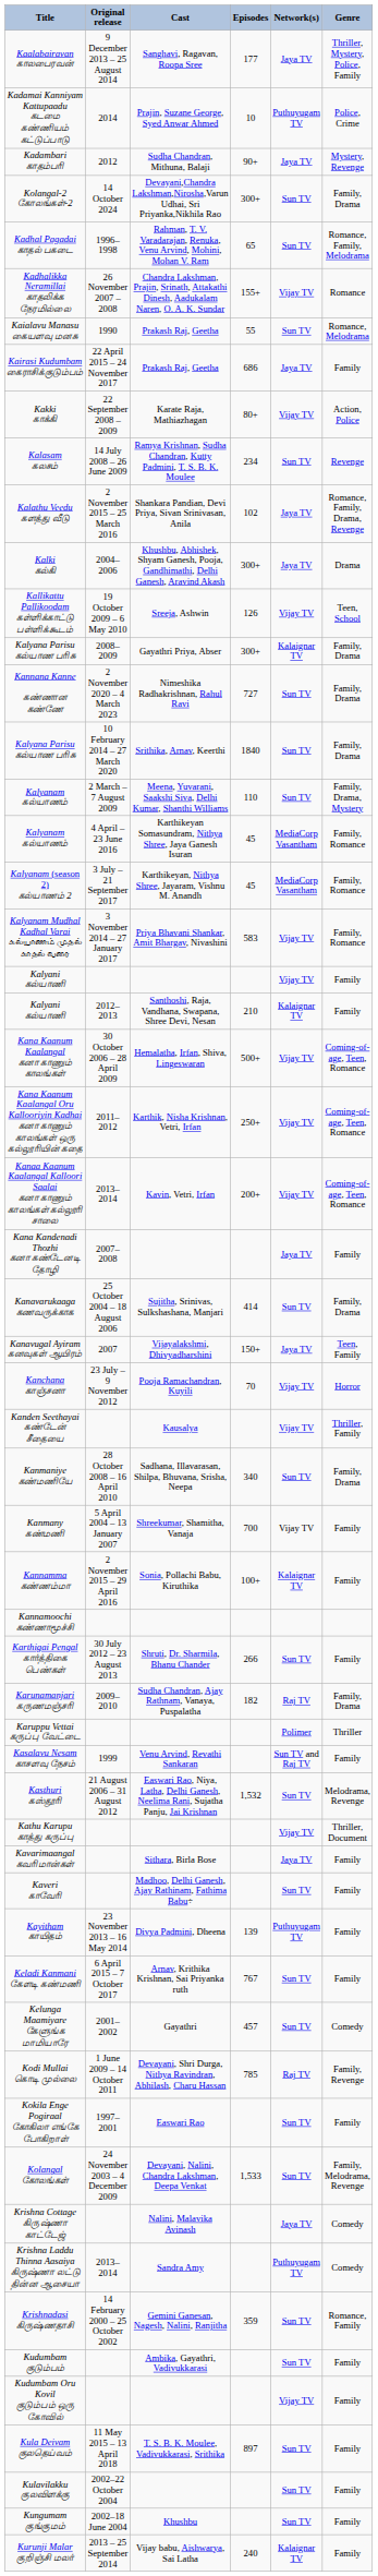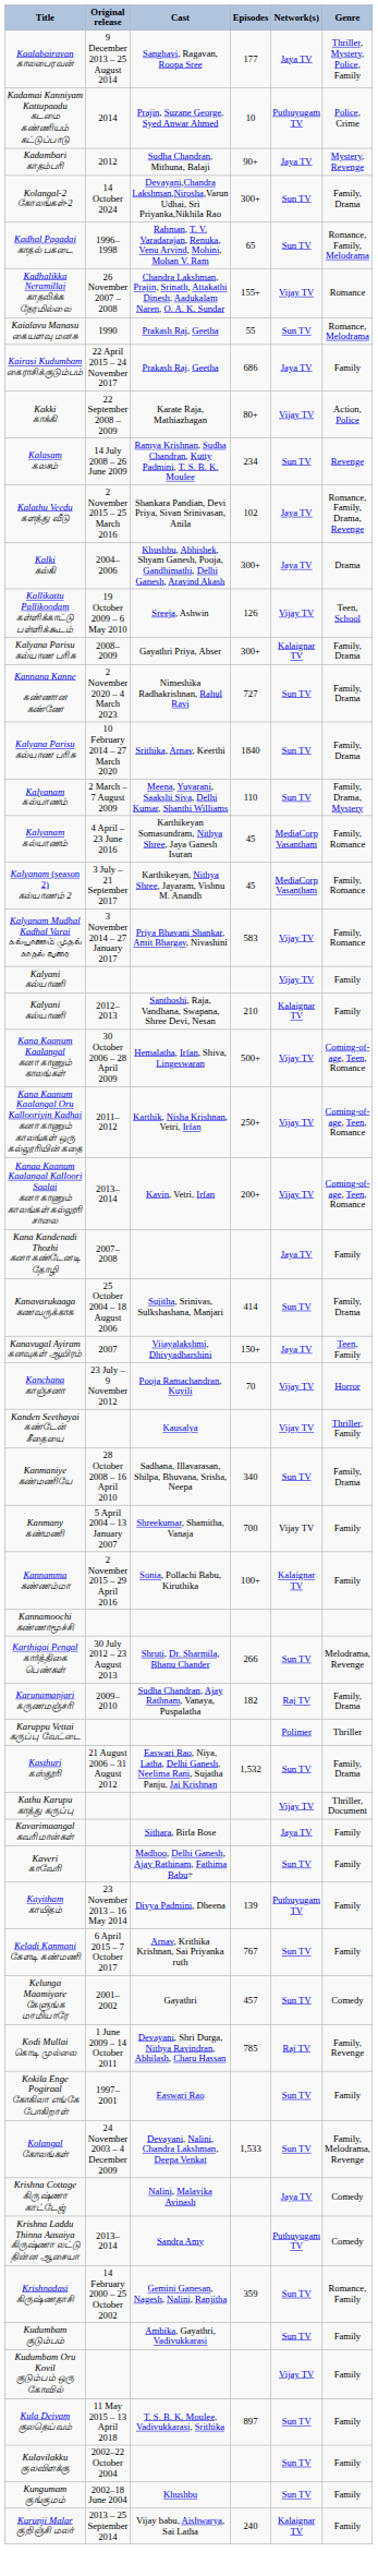 <table class="wikitable" style="text-align:center;">
 <tr>
 <th style="width:220pt; background:LightSteelBlue;">Title</th>
 <th style="width:150pt; background:LightSteelBlue;">Original release</th>
 <th style="width:160pt; background:LightSteelBlue;">Cast</th>
 <th style="width:60pt; background:LightSteelBlue;">Episodes</th>
 <th style="width:90pt; background:LightSteelBlue;">Network(s)</th>
 <th style="width:90pt; background:LightSteelBlue;">Genre</th>
 </tr>
 <tr>
 <td><em><a href='#'>Kaalabairavan</a></em> <br> <em>காலபைரவன்</em></td>
 <td>9 December 2013 – 25 August 2014</td>
 <td><a href='#'>Sanghavi</a>, Ragavan, <a href='#'>Roopa Sree</a></td>
 <td>177</td>
 <td><a href='#'>Jaya TV</a></td>
 <td><a href='#'>Thriller</a>, <a href='#'>Mystery</a>, <a href='#'>Police</a>, Family</td>
 </tr>
 <tr>
 <td><em>Kadamai Kanniyam Kattupaadu</em> <br> <em>கடமை கண்ணியம் கட்டுப்பாடு</em></td>
 <td>2014</td>
 <td><a href='#'>Prajin</a>, <a href='#'>Suzane George</a>, <a href='#'>Syed Anwar Ahmed</a></td>
 <td>10</td>
 <td><a href='#'>Puthuyugam TV</a></td>
 <td><a href='#'>Police</a>, Crime</td>
 </tr>
 <tr>
 <td><em>Kadambari</em> <br> <em>காதம்பரி</em></td>
 <td>2012</td>
 <td><a href='#'>Sudha Chandran</a>, Mithuna, Balaji</td>
 <td>90+</td>
 <td><a href='#'>Jaya TV</a></td>
 <td><a href='#'>Mystery</a>, <a href='#'>Revenge</a></td>
 </tr>
 <tr>
 <td><em>Kolangal-2</em> <br> <em>கோலங்கள்-2</em></td>
 <td>14 October 2024</td>
 <td><a href='#'>Devayani</a>,<a href='#'>Chandra Lakshman</a>,<a href='#'>Nirosha</a>,Varun Udhai, Sri Priyanka,Nikhila Rao</td>
 <td>300+</td>
 <td><a href='#'>Sun TV</a></td>
 <td>Family, Drama</td>
 </tr>
 <tr>
 <td><em><a href='#'>Kadhal Pagadai</a></em> <br> <em>காதல் பகடை</em></td>
 <td>1996–1998</td>
 <td><a href='#'>Rahman</a>, <a href='#'>T. V. Varadarajan</a>, <a href='#'>Renuka</a>, <a href='#'>Venu Arvind</a>, <a href='#'>Mohini</a>, <a href='#'>Mohan V. Ram</a></td>
 <td>65</td>
 <td><a href='#'>Sun TV</a></td>
 <td>Romance, Family, <a href='#'>Melodrama</a></td>
 </tr>
 <tr>
 <td><em><a href='#'>Kadhalikka Neramillai</a></em> <br> <em>காதலிக்க நேரமில்லை</em></td>
 <td>26 November 2007 – 2008</td>
 <td><a href='#'>Chandra Lakshman</a>, <a href='#'>Prajin</a>, <a href='#'>Srinath</a>, <a href='#'>Attakathi Dinesh</a>, <a href='#'>Aadukalam Naren</a>, <a href='#'>O. A. K. Sundar</a></td>
 <td>155+</td>
 <td><a href='#'>Vijay TV</a></td>
 <td>Romance</td>
 </tr>
 <tr>
 <td><em>Kaialavu Manasu</em> <br> <em>கையளவு மனசு</em></td>
 <td>1990</td>
 <td><a href='#'>Prakash Raj</a>, <a href='#'>Geetha</a></td>
 <td>55</td>
 <td><a href='#'>Sun TV</a></td>
 <td>Romance, <a href='#'>Melodrama</a></td>
 </tr>
 <tr>
 <td><em><a href='#'>Kairasi Kudumbam</a></em> <br> <em>கைராசிக்குடும்பம்</em></td>
 <td>22 April 2015 – 24 November 2017</td>
 <td><a href='#'>Prakash Raj</a>, <a href='#'>Geetha</a></td>
 <td>686</td>
 <td><a href='#'>Jaya TV</a></td>
 <td>Family</td>
 </tr>
 <tr>
 <td><em>Kakki</em> <br> <em>காக்கி</em></td>
 <td>22 September 2008 – 2009</td>
 <td>Karate Raja, Mathiazhagan</td>
 <td>80+</td>
 <td><a href='#'>Vijay TV</a></td>
 <td>Action, <a href='#'>Police</a></td>
 </tr>
 <tr>
 <td><em><a href='#'>Kalasam</a></em> <br> <em>கலசம்</em></td>
 <td>14 July 2008 – 26 June 2009</td>
 <td><a href='#'>Ramya Krishnan</a>, <a href='#'>Sudha Chandran</a>, <a href='#'>Kutty Padmini</a>, <a href='#'>T. S. B. K. Moulee</a></td>
 <td>234</td>
 <td><a href='#'>Sun TV</a></td>
 <td><a href='#'>Revenge</a></td>
 </tr>
 <tr>
 <td><em><a href='#'>Kalathu Veedu</a></em> <br> <em>களத்து வீடு</em></td>
 <td>2 November 2015 – 25 March 2016</td>
 <td>Shankara Pandian, Devi Priya, Sivan Srinivasan, Anila</td>
 <td>102</td>
 <td><a href='#'>Jaya TV</a></td>
 <td>Romance, Family, Drama, <a href='#'>Revenge</a></td>
 </tr>
 <tr>
 <td><em><a href='#'>Kalki</a></em> <br> <em>கல்கி</em></td>
 <td>2004–2006</td>
 <td><a href='#'>Khushbu</a>, <a href='#'>Abhishek</a>, Shyam Ganesh, Pooja, <a href='#'>Gandhimathi</a>, <a href='#'>Delhi Ganesh</a>, <a href='#'>Aravind Akash</a></td>
 <td>300+</td>
 <td><a href='#'>Jaya TV</a></td>
 <td>Drama</td>
 </tr>
 <tr>
 <td><em><a href='#'>Kallikattu Pallikoodam</a></em> <br> <em>கள்ளிக்காட்டு பள்ளிக்கூடம்</em></td>
 <td>19 October 2009 – 6 May 2010</td>
 <td><a href='#'>Sreeja</a>, Ashwin</td>
 <td>126</td>
 <td><a href='#'>Vijay TV</a></td>
 <td>Teen, <a href='#'>School</a></td>
 </tr>
 <tr>
 <td><em>Kalyana Parisu</em> <br> <em>கல்யாண பரிசு</em></td>
 <td>2008–2009</td>
 <td>Gayathri Priya, Abser</td>
 <td>300+</td>
 <td><a href='#'>Kalaignar TV</a></td>
 <td>Family, Drama</td>
 </tr>
 <tr>
 <td><em><a href='#'>Kannana Kanne</a></em> <br><br><em>கண்ணான கண்ணே</em></td>
 <td>2 November 2020 – 4 March 2023</td>
 <td>Nimeshika Radhakrishnan, <a href='#'>Rahul Ravi</a></td>
 <td>727</td>
 <td><a href='#'>Sun TV</a></td>
 <td>Family, Drama</td>
 </tr>
 <tr>
 <td><em><a href='#'>Kalyana Parisu</a></em> <br> <em>கல்யாண பரிசு</em></td>
 <td>10 February 2014 – 27 March 2020</td>
 <td><a href='#'>Srithika</a>, <a href='#'>Arnav</a>, Keerthi</td>
 <td>1840</td>
 <td><a href='#'>Sun TV</a></td>
 <td>Family, Drama</td>
 </tr>
 <tr>
 <td><em><a href='#'>Kalyanam</a></em> <br> <em>கல்யாணம்</em></td>
 <td>2 March – 7 August 2009</td>
 <td><a href='#'>Meena</a>, <a href='#'>Yuvarani</a>, <a href='#'>Saakshi Siva</a>, <a href='#'>Delhi Kumar</a>, <a href='#'>Shanthi Williams</a></td>
 <td>110</td>
 <td><a href='#'>Sun TV</a></td>
 <td>Family, Drama, <a href='#'>Mystery</a></td>
 </tr>
 <tr>
 <td><em><a href='#'>Kalyanam</a></em> <br> <em>கல்யாணம்</em></td>
 <td>4 April – 23 June 2016</td>
 <td>Karthikeyan Somasundram, <a href='#'>Nithya Shree</a>, Jaya Ganesh Isuran</td>
 <td>45</td>
 <td><a href='#'>MediaCorp Vasantham</a></td>
 <td>Family, Romance</td>
 </tr>
 <tr>
 <td><a href='#'><em>Kalyanam</em> (season 2)</a> <br> <em>கல்யாணம் 2</em></td>
 <td>3 July – 21 September 2017</td>
 <td>Karthikeyan, <a href='#'>Nithya Shree</a>, Jayaram, Vishnu M. Anandh</td>
 <td>45</td>
 <td><a href='#'>MediaCorp Vasantham</a></td>
 <td>Family, Romance</td>
 </tr>
 <tr>
 <td><em><a href='#'>Kalyanam Mudhal Kadhal Varai</a></em> <br> கல்யாணம் முதல் காதல் வரை</td>
 <td>3 November 2014 – 27 January 2017</td>
 <td><a href='#'>Priya Bhavani Shankar</a>, <a href='#'>Amit Bhargav</a>, Nivashini</td>
 <td>583</td>
 <td><a href='#'>Vijay TV</a></td>
 <td>Family, Romance</td>
 </tr>
 <tr>
 <td><em>Kalyani</em> <br> <em>கல்யாணி</em></td>
 <td></td>
 <td></td>
 <td></td>
 <td><a href='#'>Vijay TV</a></td>
 <td>Family</td>
 </tr>
 <tr>
 <td><em>Kalyani</em> <br> <em>கல்யாணி</em></td>
 <td>2012–2013</td>
 <td><a href='#'>Santhoshi</a>, Raja, Vandhana, Swapana, Shree Devi, Nesan</td>
 <td>210</td>
 <td><a href='#'>Kalaignar TV</a></td>
 <td>Family</td>
 </tr>
 <tr>
 <td><em><a href='#'>Kana Kaanum Kaalangal</a></em> <br> <em>கனா காணும் காலங்கள்</em></td>
 <td>30 October 2006 – 28 April 2009</td>
 <td><a href='#'>Hemalatha</a>, <a href='#'>Irfan</a>, Shiva, <a href='#'>Lingeswaran</a></td>
 <td>500+</td>
 <td><a href='#'>Vijay TV</a></td>
 <td><a href='#'>Coming-of-age</a>, <a href='#'>Teen</a>, Romance</td>
 </tr>
 <tr>
 <td><em><a href='#'>Kana Kaanum Kaalangal Oru Kallooriyin Kadhai</a></em> <br> <em>கனா காணும் காலங்கள் ஒரு கல்லூரியின் கதை</em></td>
 <td>2011–2012</td>
 <td><a href='#'>Karthik</a>, <a href='#'>Nisha Krishnan</a>, Vetri, <a href='#'>Irfan</a></td>
 <td>250+</td>
 <td><a href='#'>Vijay TV</a></td>
 <td><a href='#'>Coming-of-age</a>, <a href='#'>Teen</a>, Romance</td>
 </tr>
 <tr>
 <td><em><a href='#'>Kanaa Kaanum Kaalangal Kalloori Saalai</a></em> <br> <em>கனா காணும் காலங்கள் கல்லூரி சாலை</em></td>
 <td>2013–2014</td>
 <td><a href='#'>Kavin</a>, Vetri, <a href='#'>Irfan</a></td>
 <td>200+</td>
 <td><a href='#'>Vijay TV</a></td>
 <td><a href='#'>Coming-of-age</a>, <a href='#'>Teen</a>, Romance</td>
 </tr>
 <tr>
 <td><em>Kana Kandenadi Thozhi</em> <br> <em>கனா கண்டேனடி தோழி</em></td>
 <td>2007–2008</td>
 <td></td>
 <td></td>
 <td><a href='#'>Jaya TV</a></td>
 <td>Family</td>
 </tr>
 <tr>
 <td><em>Kanavarukaaga</em> <br> <em>கணவருக்காக</em></td>
 <td>25 October 2004 – 18 August 2006</td>
 <td><a href='#'>Sujitha</a>, Srinivas, Sulkshashana, Manjari</td>
 <td>414</td>
 <td><a href='#'>Sun TV</a></td>
 <td>Family, Drama</td>
 </tr>
 <tr>
 <td><em>Kanavugal Ayiram</em> <br> <em>கனவுகள் ஆயிரம்</em></td>
 <td>2007</td>
 <td><a href='#'>Vijayalakshmi</a>, <a href='#'>Dhivyadharshini</a></td>
 <td>150+</td>
 <td><a href='#'>Jaya TV</a></td>
 <td><a href='#'>Teen</a>, Family</td>
 </tr>
 <tr>
 <td><em><a href='#'>Kanchana</a></em> <br> <em>காஞ்சனா</em></td>
 <td>23 July – 9 November 2012</td>
 <td><a href='#'>Pooja Ramachandran</a>, <a href='#'>Kuyili</a></td>
 <td>70</td>
 <td><a href='#'>Vijay TV</a></td>
 <td><a href='#'>Horror</a></td>
 </tr>
 <tr>
 <td><em>Kanden Seethayai</em> <br> <em>கண்டேன் சீதையை</em></td>
 <td></td>
 <td><a href='#'>Kausalya</a></td>
 <td></td>
 <td><a href='#'>Vijay TV</a></td>
 <td><a href='#'>Thriller</a>, Family</td>
 </tr>
 <tr>
 <td><em>Kanmaniye</em> <br> <em>கண்மணியே</em></td>
 <td>28 October 2008 – 16 April 2010</td>
 <td>Sadhana, Illavarasan,<br>Shilpa, Bhuvana, Srisha, Neepa</td>
 <td>340</td>
 <td><a href='#'>Sun TV</a></td>
 <td>Family, Drama</td>
 </tr>
 <tr>
 <td><em>Kanmany</em> <br> <em>கண்மணி</em></td>
 <td>5 April 2004 – 13 January 2007</td>
 <td><a href='#'>Shreekumar</a>, Shamitha,<br>Vanaja</td>
 <td>700</td>
 <td>Vijay TV</td>
 <td>Family</td>
 </tr>
 <tr>
 <td><em><a href='#'>Kannamma</a></em> <br> <em>கண்ணம்மா</em></td>
 <td>2 November 2015 – 29 April 2016</td>
 <td><a href='#'>Sonia</a>, Pollachi Babu, Kiruthika</td>
 <td>100+</td>
 <td><a href='#'>Kalaignar TV</a></td>
 <td>Family</td>
 </tr>
 <tr>
 <td><em>Kannamoochi</em> <br> <em>கண்ணாமூச்சி</em></td>
 <td></td>
 <td></td>
 <td></td>
 <td></td>
 <td></td>
 </tr>
 <tr>
 <td><em><a href='#'>Karthigai Pengal</a></em> <br> <em>கார்த்திகை பெண்கள்</em></td>
 <td>30 July 2012 – 23 August 2013</td>
 <td><a href='#'>Shruti</a>, <a href='#'>Dr. Sharmila</a>, <a href='#'>Bhanu Chander</a></td>
 <td>266</td>
 <td><a href='#'>Sun TV</a></td>
-<td>Family</td>
+<td>Melodrama, Revenge</td>
 </tr>
 <tr>
 <td><em><a href='#'>Karunamanjari</a></em> <br> <em>கருணமஞ்சரி</em></td>
 <td>2009–2010</td>
 <td><a href='#'>Sudha Chandran</a>, <a href='#'>Ajay Rathnam</a>, Vanaya, Puspalatha</td>
 <td>182</td>
 <td><a href='#'>Raj TV</a></td>
 <td>Family, Drama</td>
 </tr>
 <tr>
 <td><em>Karuppu Vettai</em> <br> <em>கருப்பு வேட்டை</em></td>
 <td></td>
 <td></td>
 <td></td>
 <td><a href='#'>Polimer</a></td>
 <td>Thriller</td>
 </tr>
 <tr>
-<td><em><a href='#'>Kasalavu Nesam</a></em> <br> <em>காசளவு நேசம்</em></td>
-<td>1999</td>
-<td><a href='#'>Venu Arvind</a>, <a href='#'>Revathi Sankaran</a></td>
-<td></td>
-<td><a href='#'>Sun TV</a> and <a href='#'>Raj TV</a></td>
-<td>Family</td>
-</tr>
-<tr>
 <td><em><a href='#'>Kasthuri</a></em> <br> <em>கஸ்தூரி</em></td>
 <td>21 August 2006 – 31 August 2012</td>
 <td><a href='#'>Easwari Rao</a>, Niya, <a href='#'>Latha</a>, <a href='#'>Delhi Ganesh</a>, <a href='#'>Neelima Rani</a>, Sujatha Panju, <a href='#'>Jai Krishnan</a></td>
 <td>1,532</td>
 <td><a href='#'>Sun TV</a></td>
-<td>Melodrama, Revenge</td>
+<td>Family, Drama</td>
 </tr>
 <tr>
 <td><em>Kathu Karupu</em> <br> <em>காத்து கருப்பு</em></td>
 <td></td>
 <td></td>
 <td></td>
 <td><a href='#'>Vijay TV</a></td>
 <td>Thriller, Document</td>
 </tr>
 <tr>
 <td><em>Kavarimaangal</em> <br> <em>கவரிமான்கள்</em></td>
 <td></td>
 <td><a href='#'>Sithara</a>, Birla Bose</td>
 <td></td>
 <td><a href='#'>Jaya TV</a></td>
 <td>Family</td>
 </tr>
 <tr>
 <td><em>Kaveri</em> <br> <em>காவேரி</em></td>
 <td></td>
 <td><a href='#'>Madhoo</a>, <a href='#'>Delhi Ganesh</a>, <a href='#'>Ajay Rathinam</a>, <a href='#'>Fathima Babu</a>÷</td>
 <td></td>
 <td><a href='#'>Sun TV</a></td>
 <td>Family</td>
 </tr>
 <tr>
 <td><em><a href='#'>Kayitham</a></em> <br> <em>காயிதம்</em></td>
 <td>23 November 2013 – 16 May 2014</td>
 <td><a href='#'>Divya Padmini</a>, Dheena</td>
 <td>139</td>
 <td><a href='#'>Puthuyugam TV</a></td>
 <td>Family</td>
 </tr>
 <tr>
 <td><em><a href='#'>Keladi Kanmani</a></em> <br> <em>கேளடி கண்மணி</em></td>
 <td>6 April 2015 – 7 October 2017</td>
 <td><a href='#'>Arnav</a>, Krithika Krishnan, Sai Priyanka ruth</td>
 <td>767</td>
 <td><a href='#'>Sun TV</a></td>
 <td>Family</td>
 </tr>
 <tr>
 <td><em>Kelunga Maamiyare</em> <br> <em>கேளுங்க மாமியாரே</em></td>
 <td>2001–2002</td>
 <td>Gayathri</td>
 <td>457</td>
 <td><a href='#'>Sun TV</a></td>
 <td>Comedy</td>
 </tr>
 <tr>
 <td><em>Kodi Mullai</em> <br> <em>கொடி முல்லை</em></td>
 <td>1 June 2009 – 14 October 2011</td>
 <td><a href='#'>Devayani</a>, Shri Durga, <a href='#'>Nithya Ravindran</a>,<br><a href='#'>Abhilash</a>, <a href='#'>Charu Hassan</a></td>
 <td>785</td>
 <td><a href='#'>Raj TV</a></td>
 <td>Family, Revenge</td>
 </tr>
 <tr>
 <td><em>Kokila Enge Pogiraal</em> <br> <em>கோகிலா எங்கே போகிறாள்</em></td>
 <td>1997–2001</td>
 <td><a href='#'>Easwari Rao</a></td>
 <td></td>
 <td><a href='#'>Sun TV</a></td>
 <td>Family</td>
 </tr>
 <tr>
 <td><em><a href='#'>Kolangal</a></em> <br> <em>கோலங்கள்</em></td>
 <td>24 November 2003 – 4 December 2009</td>
 <td><a href='#'>Devayani</a>, <a href='#'>Nalini</a>, <a href='#'>Chandra Lakshman</a>, <a href='#'>Deepa Venkat</a></td>
 <td>1,533</td>
 <td><a href='#'>Sun TV</a></td>
 <td>Family, Melodrama, Revenge</td>
 </tr>
 <tr>
 <td><em>Krishna Cottage</em> <br> <em>கிருஷ்ணா காட்டேஜ்</em></td>
 <td></td>
 <td><a href='#'>Nalini</a>, <a href='#'>Malavika Avinash</a></td>
 <td></td>
 <td><a href='#'>Jaya TV</a></td>
 <td>Comedy</td>
 </tr>
 <tr>
 <td><em>Krishna Laddu Thinna Aasaiya</em> <br> <em>கிருஷ்ணா லட்டு தின்ன ஆசையா</em></td>
 <td>2013–2014</td>
 <td><a href='#'>Sandra Amy</a></td>
 <td></td>
 <td><a href='#'>Puthuyugam TV</a></td>
 <td>Comedy</td>
 </tr>
 <tr>
 <td><em><a href='#'>Krishnadasi</a></em> <br> <em>கிருஷ்ணதாசி</em></td>
 <td>14 February 2000 – 25 October 2002</td>
 <td><a href='#'>Gemini Ganesan</a>, <a href='#'>Nagesh</a>, <a href='#'>Nalini</a>, <a href='#'>Ranjitha</a></td>
 <td>359</td>
 <td><a href='#'>Sun TV</a></td>
 <td>Romance, Family</td>
 </tr>
 <tr>
 <td><em>Kudumbam</em> <br> <em>குடும்பம்</em></td>
 <td></td>
 <td><a href='#'>Ambika</a>, Gayathri, <a href='#'>Vadivukkarasi</a></td>
 <td></td>
 <td><a href='#'>Sun TV</a></td>
 <td>Family</td>
 </tr>
 <tr>
 <td><em>Kudumbam Oru Kovil</em> <br> <em>குடும்பம் ஒரு கோவில்</em></td>
 <td></td>
 <td></td>
 <td></td>
 <td><a href='#'>Vijay TV</a></td>
 <td>Family</td>
 </tr>
 <tr>
 <td><em><a href='#'>Kula Deivam</a></em> <br> <em>குலதெய்வம்</em></td>
 <td>11 May 2015 – 13 April 2018</td>
 <td><a href='#'>T. S. B. K. Moulee</a>, <a href='#'>Vadivukkarasi</a>, <a href='#'>Srithika</a></td>
 <td>897</td>
 <td><a href='#'>Sun TV</a></td>
 <td>Family</td>
 </tr>
 <tr>
 <td><em>Kulavilakku</em> <br> <em>குலவிளக்கு</em></td>
 <td>2002–22 October 2004</td>
 <td></td>
 <td></td>
 <td><a href='#'>Sun TV</a></td>
 <td>Family</td>
 </tr>
 <tr>
 <td><em>Kungumam</em> <br> <em>குங்குமம்</em></td>
 <td>2002–18 June 2004</td>
 <td><a href='#'>Khushbu</a></td>
 <td></td>
 <td><a href='#'>Sun TV</a></td>
 <td>Family</td>
 </tr>
 <tr>
 <td><em><a href='#'>Kurunji Malar</a></em> <br> <em>குறிஞ்சி மலர்</em></td>
 <td>2013 – 25 September 2014</td>
 <td>Vijay babu, <a href='#'>Aishwarya</a>, Sai Latha</td>
 <td>240</td>
 <td><a href='#'>Kalaignar TV</a></td>
 <td>Family</td>
 </tr>
 </table>
